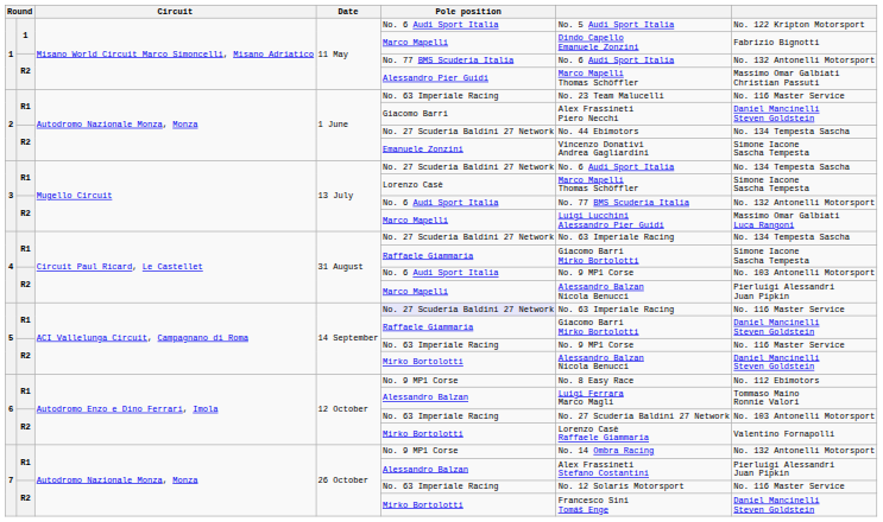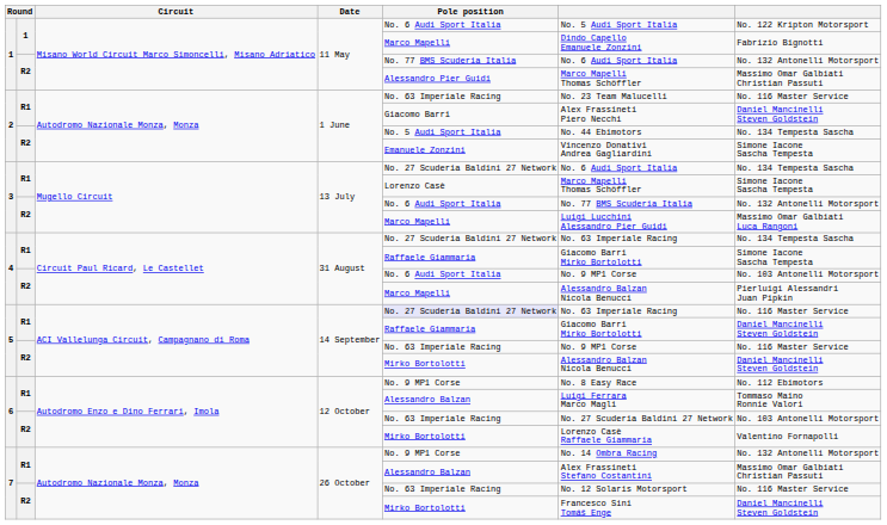 <table class="wikitable" style="font-size: 85%;">
 <tr>
 <th colspan=2>Round</th>
 <th>Circuit</th>
 <th>Date</th>
 <th>Pole position</th>
 <th></th>
 <th></th>
 </tr>
 <tr>
 <th rowspan=4>1</th>
 <th rowspan=2>1</th>
 <td rowspan=4> <a href='#'>Misano World Circuit Marco Simoncelli</a>, <a href='#'>Misano Adriatico</a></td>
 <td rowspan=4>11 May</td>
 <td> No. 6 <a href='#'>Audi Sport Italia</a></td>
 <td> No. 5 <a href='#'>Audi Sport Italia</a></td>
 <td> No. 122 Kripton Motorsport</td>
 </tr>
 <tr>
 <td> <a href='#'>Marco Mapelli</a></td>
 <td> <a href='#'>Dindo Capello</a><br> <a href='#'>Emanuele Zonzini</a></td>
 <td> Fabrizio Bignotti</td>
 </tr>
 <tr>
 <th rowspan=2>R2</th>
 <td> No. 77 <a href='#'>BMS Scuderia Italia</a></td>
 <td> No. 6 <a href='#'>Audi Sport Italia</a></td>
 <td> No. 132 Antonelli Motorsport</td>
 </tr>
 <tr>
 <td> <a href='#'>Alessandro Pier Guidi</a></td>
 <td> <a href='#'>Marco Mapelli</a><br> Thomas Schöffler</td>
 <td> Massimo Omar Galbiati<br> Christian Passuti</td>
 </tr>
 <tr>
 <th rowspan=4>2</th>
 <th rowspan=2>R1</th>
 <td rowspan=4> <a href='#'>Autodromo Nazionale Monza</a>, <a href='#'>Monza</a></td>
 <td rowspan=4>1 June</td>
 <td> No. 63 Imperiale Racing</td>
 <td> No. 23 Team Malucelli</td>
 <td> No. 116 Master Service</td>
 </tr>
 <tr>
 <td> Giacomo Barri</td>
 <td> Alex Frassineti<br> Piero Necchi</td>
 <td> <a href='#'>Daniel Mancinelli</a><br> <a href='#'>Steven Goldstein</a></td>
 </tr>
 <tr>
 <th rowspan=2>R2</th>
-<td> No. 27 Scuderia Baldini 27 Network</td>
+<td> No. 5 <a href='#'>Audi Sport Italia</a></td>
 <td> No. 44 Ebimotors</td>
 <td> No. 134 Tempesta Sascha</td>
 </tr>
 <tr>
 <td> <a href='#'>Emanuele Zonzini</a></td>
 <td> Vincenzo Donativi<br> Andrea Gagliardini</td>
 <td> Simone Iacone<br> Sascha Tempesta</td>
 </tr>
 <tr>
 <th rowspan=4>3</th>
 <th rowspan=2>R1</th>
 <td rowspan=4> <a href='#'>Mugello Circuit</a></td>
 <td rowspan=4>13 July</td>
 <td> No. 27 Scuderia Baldini 27 Network</td>
 <td> No. 6 <a href='#'>Audi Sport Italia</a></td>
 <td> No. 134 Tempesta Sascha</td>
 </tr>
 <tr>
 <td> Lorenzo Casè</td>
 <td> <a href='#'>Marco Mapelli</a><br> Thomas Schöffler</td>
 <td> Simone Iacone<br> Sascha Tempesta</td>
 </tr>
 <tr>
 <th rowspan=2>R2</th>
 <td> No. 6 <a href='#'>Audi Sport Italia</a></td>
 <td> No. 77 <a href='#'>BMS Scuderia Italia</a></td>
 <td> No. 132 Antonelli Motorsport</td>
 </tr>
 <tr>
 <td> <a href='#'>Marco Mapelli</a></td>
 <td> <a href='#'>Luigi Lucchini</a><br> <a href='#'>Alessandro Pier Guidi</a></td>
 <td> Massimo Omar Galbiati<br> <a href='#'>Luca Rangoni</a></td>
 </tr>
 <tr>
 <th rowspan=4>4</th>
 <th rowspan=2>R1</th>
 <td rowspan=4> <a href='#'>Circuit Paul Ricard</a>, <a href='#'>Le Castellet</a></td>
 <td rowspan=4>31 August</td>
 <td> No. 27 Scuderia Baldini 27 Network</td>
 <td> No. 63 Imperiale Racing</td>
 <td> No. 134 Tempesta Sascha</td>
 </tr>
 <tr>
 <td> <a href='#'>Raffaele Giammaria</a></td>
 <td> Giacomo Barri<br> <a href='#'>Mirko Bortolotti</a></td>
 <td> Simone Iacone<br> Sascha Tempesta</td>
 </tr>
 <tr>
 <th rowspan=2>R2</th>
 <td> No. 6 <a href='#'>Audi Sport Italia</a></td>
 <td> No. 9 MP1 Corse</td>
 <td> No. 103 Antonelli Motorsport</td>
 </tr>
 <tr>
 <td> <a href='#'>Marco Mapelli</a></td>
 <td> <a href='#'>Alessandro Balzan</a><br> Nicola Benucci</td>
 <td> Pierluigi Alessandri<br> Juan Pipkin</td>
 </tr>
 <tr>
 <th rowspan=4>5</th>
 <th rowspan=2>R1</th>
 <td rowspan=4> <a href='#'>ACI Vallelunga Circuit</a>, <a href='#'>Campagnano di Roma</a></td>
 <td rowspan=4>14 September</td>
 <td style="background: lavender;"> No. 27 Scuderia Baldini 27 Network</td>
 <td> No. 63 Imperiale Racing</td>
 <td> No. 116 Master Service</td>
 </tr>
 <tr>
 <td> <a href='#'>Raffaele Giammaria</a></td>
 <td> Giacomo Barri<br> <a href='#'>Mirko Bortolotti</a></td>
 <td> <a href='#'>Daniel Mancinelli</a><br> <a href='#'>Steven Goldstein</a></td>
 </tr>
 <tr>
 <th rowspan=2>R2</th>
 <td> No. 63 Imperiale Racing</td>
 <td> No. 9 MP1 Corse</td>
 <td> No. 116 Master Service</td>
 </tr>
 <tr>
 <td> <a href='#'>Mirko Bortolotti</a></td>
 <td> <a href='#'>Alessandro Balzan</a><br> Nicola Benucci</td>
 <td> <a href='#'>Daniel Mancinelli</a><br> <a href='#'>Steven Goldstein</a></td>
 </tr>
 <tr>
 <th rowspan=4>6</th>
 <th rowspan=2>R1</th>
 <td rowspan=4> <a href='#'>Autodromo Enzo e Dino Ferrari</a>, <a href='#'>Imola</a></td>
 <td rowspan=4>12 October</td>
 <td> No. 9 MP1 Corse</td>
 <td> No. 8 Easy Race</td>
 <td> No. 112 Ebimotors</td>
 </tr>
 <tr>
 <td> <a href='#'>Alessandro Balzan</a></td>
 <td> <a href='#'>Luigi Ferrara</a><br> Marco Magli</td>
 <td> Tommaso Maino<br> Ronnie Valori</td>
 </tr>
 <tr>
 <th rowspan=2>R2</th>
 <td> No. 63 Imperiale Racing</td>
 <td> No. 27 Scuderia Baldini 27 Network</td>
 <td> No. 103 Antonelli Motorsport</td>
 </tr>
 <tr>
 <td> <a href='#'>Mirko Bortolotti</a></td>
 <td> Lorenzo Casè<br> <a href='#'>Raffaele Giammaria</a></td>
 <td> Valentino Fornapolli</td>
 </tr>
 <tr>
 <th rowspan=4>7</th>
 <th rowspan=2>R1</th>
 <td rowspan=4> <a href='#'>Autodromo Nazionale Monza</a>, <a href='#'>Monza</a></td>
 <td rowspan=4>26 October</td>
 <td> No. 9 MP1 Corse</td>
 <td> No. 14 <a href='#'>Ombra Racing</a></td>
 <td> No. 132 Antonelli Motorsport</td>
 </tr>
 <tr>
 <td> <a href='#'>Alessandro Balzan</a></td>
 <td> Alex Frassineti<br> <a href='#'>Stefano Costantini</a></td>
-<td> Pierluigi Alessandri<br> Juan Pipkin</td>
+<td> Massimo Omar Galbiati<br> Christian Passuti</td>
 </tr>
 <tr>
 <th rowspan=2>R2</th>
 <td> No. 63 Imperiale Racing</td>
 <td> No. 12 Solaris Motorsport</td>
 <td> No. 116 Master Service</td>
 </tr>
 <tr>
 <td> <a href='#'>Mirko Bortolotti</a></td>
 <td> Francesco Sini<br> <a href='#'>Tomáš Enge</a></td>
 <td> <a href='#'>Daniel Mancinelli</a><br> <a href='#'>Steven Goldstein</a></td>
 </tr>
 </table>
